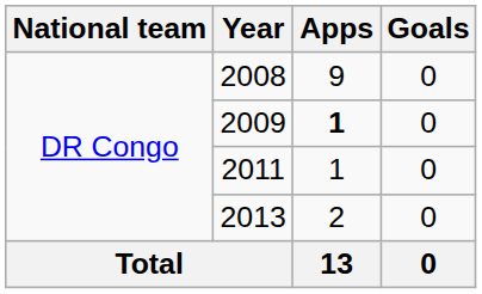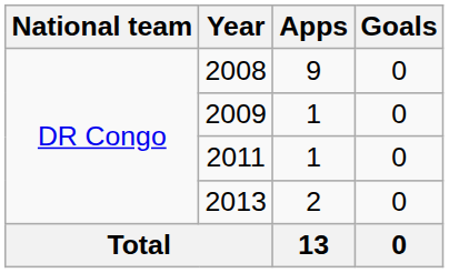 <table class=wikitable style=text-align:center>
 <tr>
 <th>National team</th>
 <th>Year</th>
 <th>Apps</th>
 <th>Goals</th>
 </tr>
 <tr>
 <td rowspan="4"><a href='#'>DR Congo</a></td>
 <td>2008</td>
 <td>9</td>
 <td>0</td>
 </tr>
 <tr>
 <td>2009</td>
-<td><strong>1</strong></td>
+<td>1</td>
 <td>0</td>
 </tr>
 <tr>
 <td>2011</td>
 <td>1</td>
 <td>0</td>
 </tr>
 <tr>
 <td>2013</td>
 <td>2</td>
 <td>0</td>
 </tr>
 <tr>
 <th colspan="2">Total</th>
 <th>13</th>
 <th>0</th>
 </tr>
 </table>
